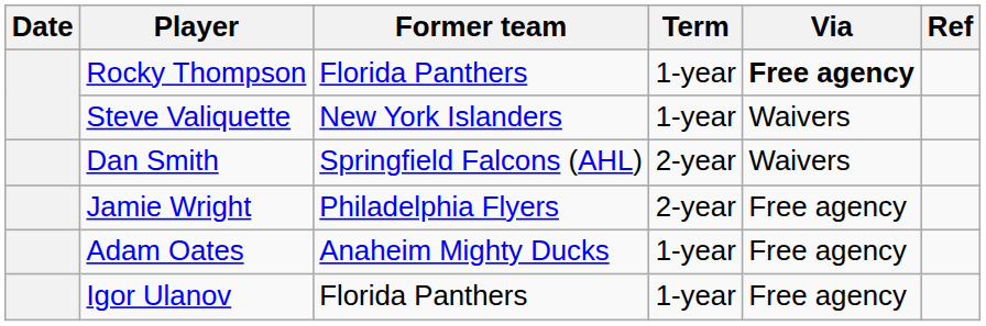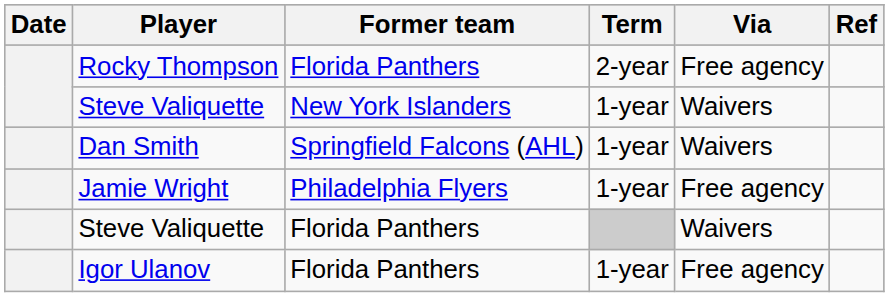 <table class="wikitable plainrowheaders">
 <tr style="background:#ddd; text-align:center;">
 <th>Date</th>
 <th>Player</th>
 <th>Former team</th>
 <th>Term</th>
 <th>Via</th>
 <th>Ref</th>
 </tr>
 <tr>
 <th scope="row" rowspan=2></th>
 <td><a href='#'>Rocky Thompson</a></td>
 <td><a href='#'>Florida Panthers</a></td>
-<td>1-year</td>
-<td><strong>Free agency</strong></td>
+<td>2-year</td>
+<td>Free agency</td>
 <td></td>
 </tr>
 <tr>
 <td><a href='#'>Steve Valiquette</a></td>
 <td><a href='#'>New York Islanders</a></td>
 <td>1-year</td>
 <td>Waivers</td>
 <td></td>
 </tr>
 <tr>
 <th scope="row"></th>
 <td><a href='#'>Dan Smith</a></td>
 <td><a href='#'>Springfield Falcons</a> (<a href='#'>AHL</a>)</td>
-<td>2-year</td>
+<td>1-year</td>
 <td>Waivers</td>
 <td></td>
 </tr>
 <tr>
 <th scope="row"></th>
 <td><a href='#'>Jamie Wright</a></td>
 <td><a href='#'>Philadelphia Flyers</a></td>
-<td>2-year</td>
+<td>1-year</td>
 <td>Free agency</td>
 <td></td>
 </tr>
 <tr>
 <th scope="row"></th>
-<td><a href='#'>Adam Oates</a></td>
-<td><a href='#'>Anaheim Mighty Ducks</a></td>
-<td>1-year</td>
-<td>Free agency</td>
+<td>Steve Valiquette</td>
+<td>Florida Panthers</td>
+<td style="background:#ccc"></td>
+<td>Waivers</td>
 <td></td>
 </tr>
 <tr>
 <th scope="row"></th>
 <td><a href='#'>Igor Ulanov</a></td>
 <td>Florida Panthers</td>
 <td>1-year</td>
 <td>Free agency</td>
 <td></td>
 </tr>
 </table>
